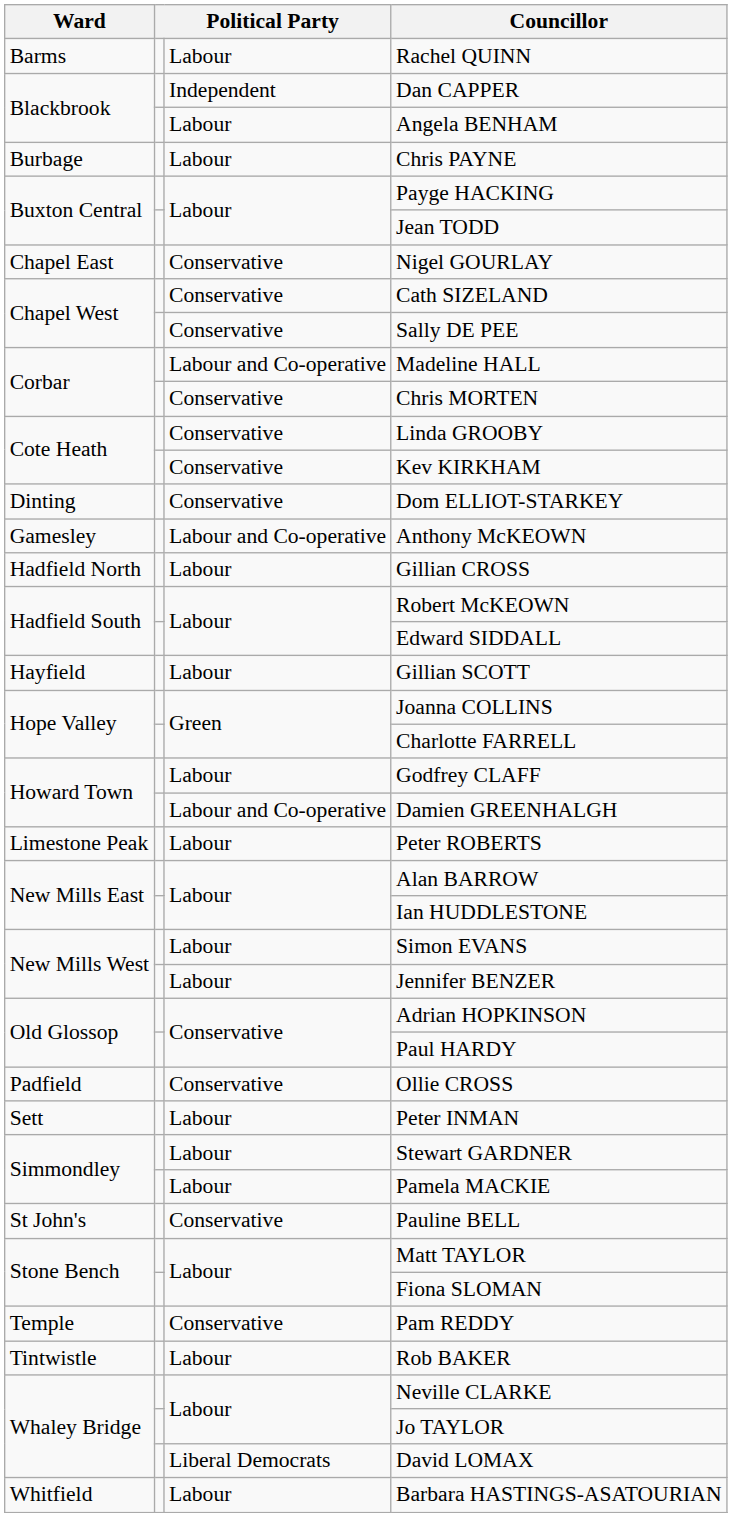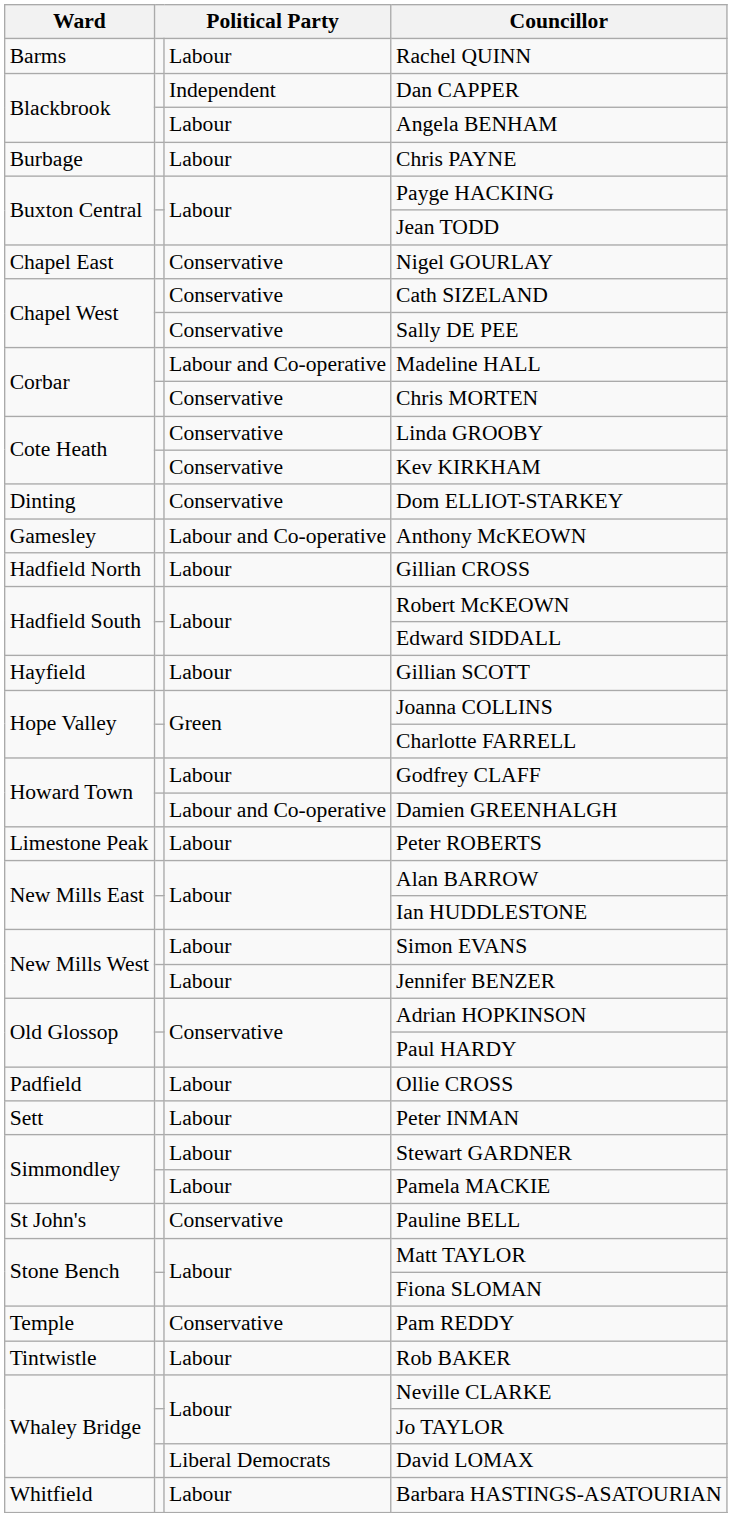 <table class="wikitable">
 <tr>
 <th>Ward</th>
 <th colspan="2">Political Party</th>
 <th>Councillor</th>
 </tr>
 <tr>
 <td>Barms</td>
 <td style="background-color: "></td>
 <td>Labour</td>
 <td>Rachel QUINN</td>
 </tr>
 <tr>
 <td rowspan="2">Blackbrook</td>
 <td style="background-color: "></td>
 <td>Independent</td>
 <td>Dan CAPPER</td>
 </tr>
 <tr>
 <td style="background-color: "></td>
 <td>Labour</td>
 <td>Angela BENHAM</td>
 </tr>
 <tr>
 <td>Burbage</td>
 <td style="background-color: "></td>
 <td>Labour</td>
 <td>Chris PAYNE</td>
 </tr>
 <tr>
 <td rowspan="2">Buxton Central</td>
 <td style="background-color: "></td>
 <td rowspan="2">Labour</td>
 <td>Payge HACKING</td>
 </tr>
 <tr>
 <td style="background-color: "></td>
 <td>Jean TODD</td>
 </tr>
 <tr>
 <td>Chapel East</td>
 <td style="background-color: "></td>
 <td>Conservative</td>
 <td>Nigel GOURLAY</td>
 </tr>
 <tr>
 <td rowspan="2">Chapel West</td>
 <td style="background-color: "></td>
 <td>Conservative</td>
 <td>Cath SIZELAND</td>
 </tr>
 <tr>
 <td style="background-color: "></td>
 <td>Conservative</td>
 <td>Sally DE PEE</td>
 </tr>
 <tr>
 <td rowspan="2">Corbar</td>
 <td style="background-color: "></td>
 <td>Labour and Co-operative</td>
 <td>Madeline HALL</td>
 </tr>
 <tr>
 <td style="background-color: "></td>
 <td>Conservative</td>
 <td>Chris MORTEN</td>
 </tr>
 <tr>
 <td rowspan="2">Cote Heath</td>
 <td style="background-color: "></td>
 <td>Conservative</td>
 <td>Linda GROOBY</td>
 </tr>
 <tr>
 <td style="background-color: "></td>
 <td>Conservative</td>
 <td>Kev KIRKHAM</td>
 </tr>
 <tr>
 <td>Dinting</td>
 <td style="background-color: "></td>
 <td>Conservative</td>
 <td>Dom ELLIOT-STARKEY</td>
 </tr>
 <tr>
 <td>Gamesley</td>
 <td style="background-color: "></td>
 <td>Labour and Co-operative</td>
 <td>Anthony McKEOWN</td>
 </tr>
 <tr>
 <td>Hadfield North</td>
 <td style="background-color: "></td>
 <td>Labour</td>
 <td>Gillian CROSS</td>
 </tr>
 <tr>
 <td rowspan="2">Hadfield South</td>
 <td style="background-color: "></td>
 <td rowspan="2">Labour</td>
 <td>Robert McKEOWN</td>
 </tr>
 <tr>
 <td style="background-color: "></td>
 <td>Edward SIDDALL</td>
 </tr>
 <tr>
 <td>Hayfield</td>
 <td style="background-color: "></td>
 <td>Labour</td>
 <td>Gillian SCOTT</td>
 </tr>
 <tr>
 <td rowspan="2">Hope Valley</td>
 <td style="background-color: "></td>
 <td rowspan="2">Green</td>
 <td>Joanna COLLINS</td>
 </tr>
 <tr>
 <td style="background-color: "></td>
 <td>Charlotte FARRELL</td>
 </tr>
 <tr>
 <td rowspan="2">Howard Town</td>
 <td style="background-color: "></td>
 <td>Labour</td>
 <td>Godfrey CLAFF</td>
 </tr>
 <tr>
 <td style="background-color: "></td>
 <td>Labour and Co-operative</td>
 <td>Damien GREENHALGH</td>
 </tr>
 <tr>
 <td>Limestone Peak</td>
 <td style="background-color: "></td>
 <td>Labour</td>
 <td>Peter ROBERTS</td>
 </tr>
 <tr>
 <td rowspan="2">New Mills East</td>
 <td style="background-color: "></td>
 <td rowspan="2">Labour</td>
 <td>Alan BARROW</td>
 </tr>
 <tr>
 <td style="background-color: "></td>
 <td>Ian HUDDLESTONE</td>
 </tr>
 <tr>
 <td rowspan="2">New Mills West</td>
 <td style="background-color: "></td>
 <td>Labour</td>
 <td>Simon EVANS</td>
 </tr>
 <tr>
 <td style="background-color: "></td>
 <td>Labour</td>
 <td>Jennifer BENZER</td>
 </tr>
 <tr>
 <td rowspan="2">Old Glossop</td>
 <td style="background-color: "></td>
 <td rowspan="2">Conservative</td>
 <td>Adrian HOPKINSON</td>
 </tr>
 <tr>
 <td style="background-color: "></td>
 <td>Paul HARDY</td>
 </tr>
 <tr>
 <td>Padfield</td>
 <td style="background-color: "></td>
-<td>Conservative</td>
+<td>Labour</td>
 <td>Ollie CROSS</td>
 </tr>
 <tr>
 <td>Sett</td>
 <td style="background-color: "></td>
 <td>Labour</td>
 <td>Peter INMAN</td>
 </tr>
 <tr>
 <td rowspan="2">Simmondley</td>
 <td style="background-color: "></td>
 <td>Labour</td>
 <td>Stewart GARDNER</td>
 </tr>
 <tr>
 <td style="background-color: "></td>
 <td>Labour</td>
 <td>Pamela MACKIE</td>
 </tr>
 <tr>
 <td>St John's</td>
 <td style="background-color: "></td>
 <td>Conservative</td>
 <td>Pauline BELL</td>
 </tr>
 <tr>
 <td rowspan="2">Stone Bench</td>
 <td style="background-color: "></td>
 <td rowspan="2">Labour</td>
 <td>Matt TAYLOR</td>
 </tr>
 <tr>
 <td style="background-color: "></td>
 <td>Fiona SLOMAN</td>
 </tr>
 <tr>
 <td>Temple</td>
 <td style="background-color: "></td>
 <td>Conservative</td>
 <td>Pam REDDY</td>
 </tr>
 <tr>
 <td>Tintwistle</td>
 <td style="background-color: "></td>
 <td>Labour</td>
 <td>Rob BAKER</td>
 </tr>
 <tr>
 <td rowspan="3">Whaley Bridge</td>
 <td style="background-color: "></td>
 <td rowspan="2">Labour</td>
 <td>Neville CLARKE</td>
 </tr>
 <tr>
 <td style="background-color: "></td>
 <td>Jo TAYLOR</td>
 </tr>
 <tr>
 <td style="background-color: "></td>
 <td>Liberal Democrats</td>
 <td>David LOMAX</td>
 </tr>
 <tr>
 <td>Whitfield</td>
 <td style="background-color: "></td>
 <td>Labour</td>
 <td>Barbara HASTINGS-ASATOURIAN</td>
 </tr>
 <tr>
 </tr>
 </table>
